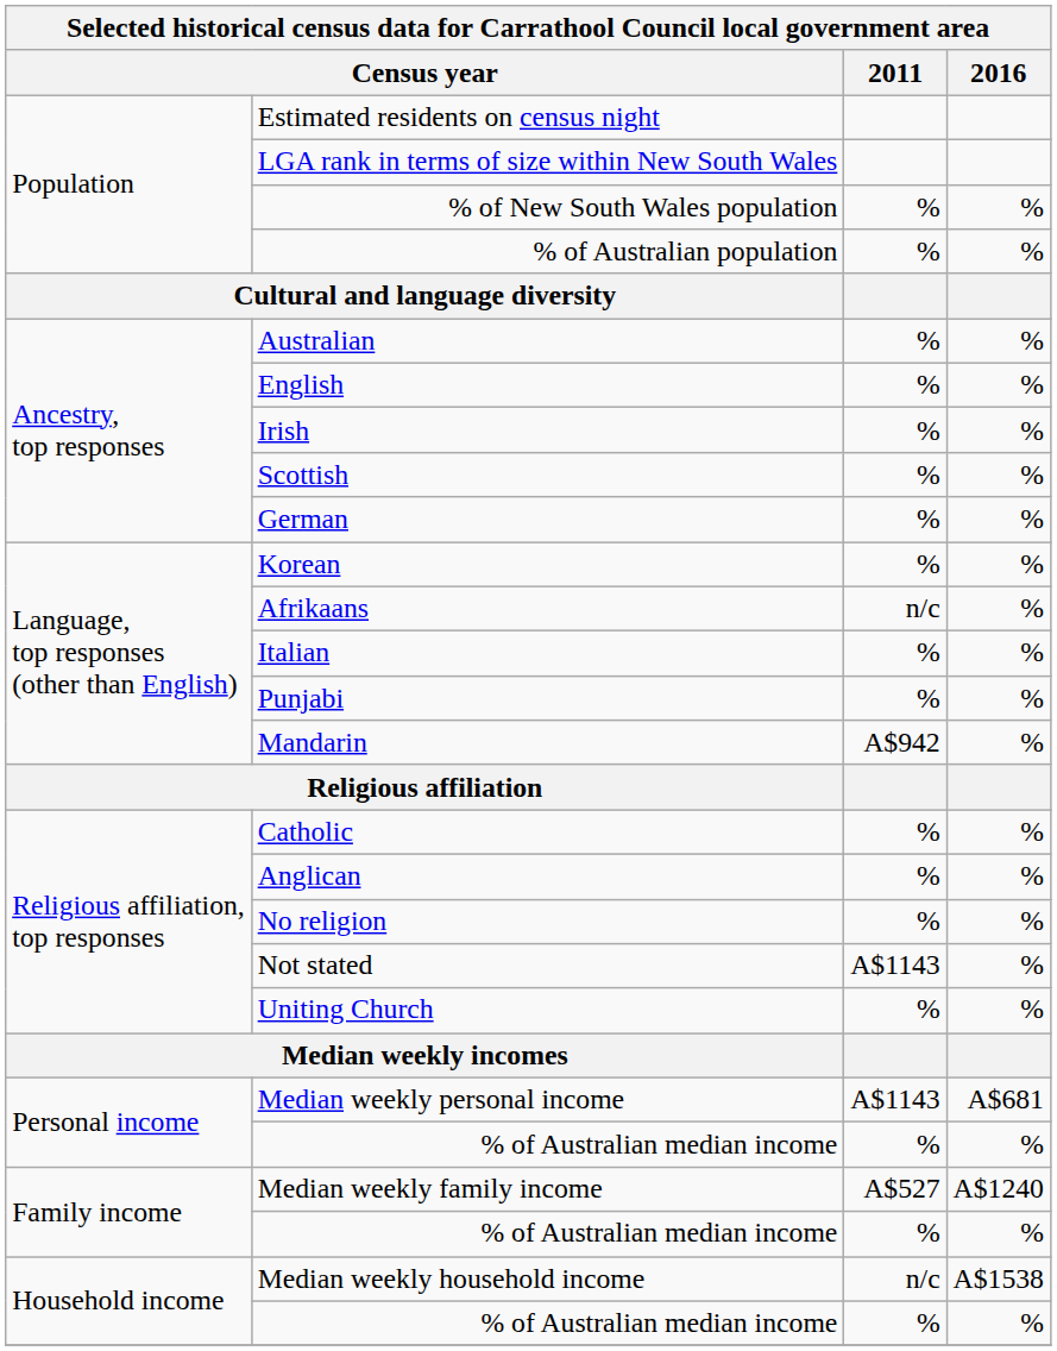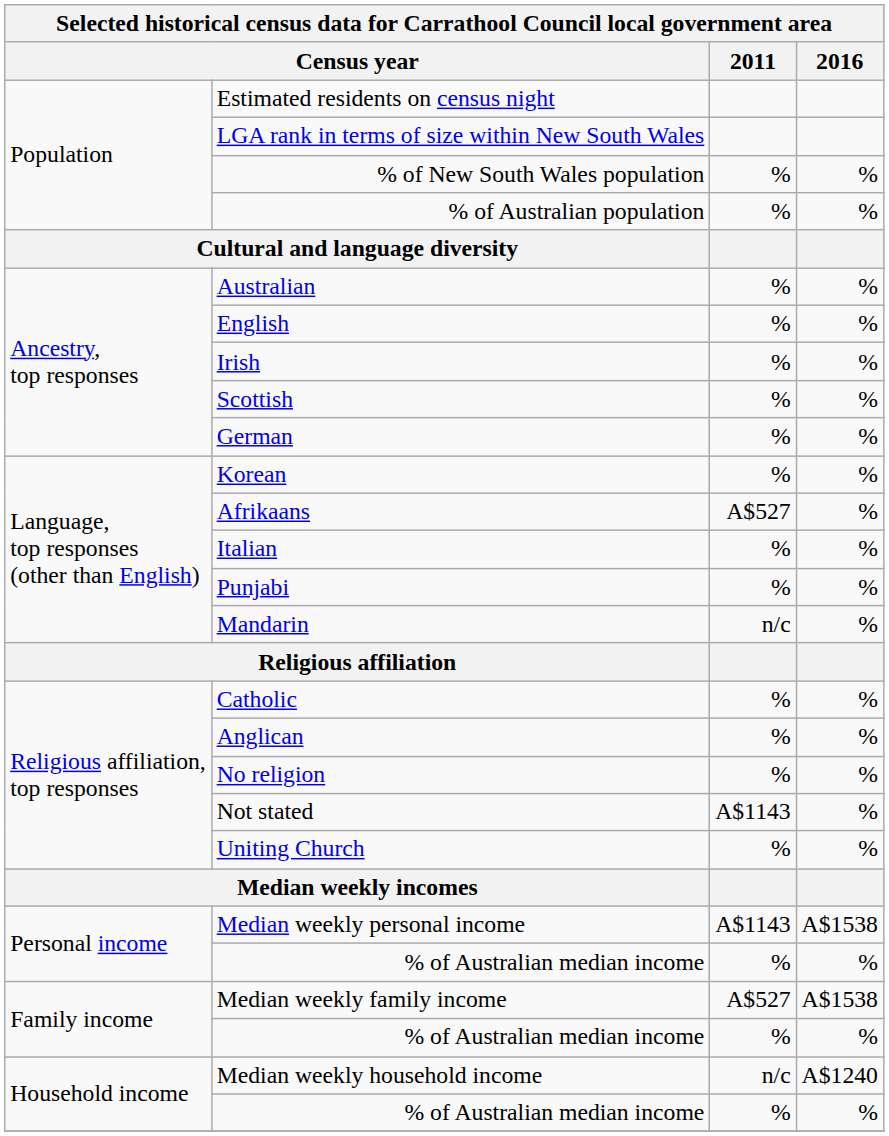 <table class="wikitable">
 <tr>
 <th colspan=7>Selected historical census data for Carrathool Council local government area</th>
 </tr>
 <tr>
 <th colspan=3>Census year</th>
 <th>2011</th>
 <th>2016</th>
 </tr>
 <tr>
 <td rowspan=4 colspan="2">Population</td>
 <td>Estimated residents on <a href='#'>census night</a></td>
 <td align="right"></td>
 <td align="right"> </td>
 </tr>
 <tr>
 <td align="right"><a href='#'>LGA rank in terms of size within New South Wales</a></td>
 <td align="right"></td>
 <td align="right"> </td>
 </tr>
 <tr>
 <td align="right">% of New South Wales population</td>
 <td align="right">%</td>
 <td align="right"> %</td>
 </tr>
 <tr>
 <td align="right">% of Australian population</td>
 <td align="right">%</td>
 <td align="right"> %</td>
 </tr>
 <tr>
 <th colspan=3>Cultural and language diversity</th>
 <th></th>
 <th></th>
 </tr>
 <tr>
 <td rowspan=5 colspan=2><a href='#'>Ancestry</a>,<br>top responses</td>
 <td><a href='#'>Australian</a></td>
 <td align="right">%</td>
 <td align="right"> %</td>
 </tr>
 <tr>
 <td><a href='#'>English</a></td>
 <td align="right">%</td>
 <td align="right"> %</td>
 </tr>
 <tr>
 <td><a href='#'>Irish</a></td>
 <td align="right">%</td>
 <td align="right"> %</td>
 </tr>
 <tr>
 <td><a href='#'>Scottish</a></td>
 <td align="right">%</td>
 <td align="right"> %</td>
 </tr>
 <tr>
 <td><a href='#'>German</a></td>
 <td align="right">%</td>
 <td align="right"> %</td>
 </tr>
 <tr>
 <td rowspan=5 colspan=2>Language,<br>top responses<br>(other than <a href='#'>English</a>)</td>
 <td><a href='#'>Korean</a></td>
 <td align="right">%</td>
 <td align="right"> %</td>
 </tr>
 <tr>
 <td><a href='#'>Afrikaans</a></td>
-<td align="right">n/c</td>
+<td align="right">A$527</td>
 <td align="right"> %</td>
 </tr>
 <tr>
 <td><a href='#'>Italian</a></td>
 <td align="right">%</td>
 <td align="right"> %</td>
 </tr>
 <tr>
 <td><a href='#'>Punjabi</a></td>
 <td align="right">%</td>
 <td align="right"> %</td>
 </tr>
 <tr>
 <td><a href='#'>Mandarin</a></td>
-<td align="right">A$942</td>
+<td align="right">n/c</td>
 <td align="right"> %</td>
 </tr>
 <tr>
 <th colspan=3>Religious affiliation</th>
 <th></th>
 <th></th>
 </tr>
 <tr>
 <td rowspan=5 colspan=2><a href='#'>Religious</a> affiliation,<br>top responses</td>
 <td><a href='#'>Catholic</a></td>
 <td align="right">%</td>
 <td align="right"> %</td>
 </tr>
 <tr>
 <td><a href='#'>Anglican</a></td>
 <td align="right">%</td>
 <td align="right"> %</td>
 </tr>
 <tr>
 <td><a href='#'>No religion</a></td>
 <td align="right">%</td>
 <td align="right"> %</td>
 </tr>
 <tr>
 <td>Not stated</td>
 <td align="right">A$1143</td>
 <td align="right"> %</td>
 </tr>
 <tr>
 <td><a href='#'>Uniting Church</a></td>
 <td align="right">%</td>
 <td align="right"> %</td>
 </tr>
 <tr>
 <th colspan=3>Median weekly incomes</th>
 <th></th>
 <th></th>
 </tr>
 <tr>
 <td rowspan=2 colspan=2>Personal <a href='#'>income</a></td>
 <td><a href='#'>Median</a> weekly personal income</td>
 <td align="right">A$1143</td>
-<td align="right">A$681</td>
+<td align="right">A$1538</td>
 </tr>
 <tr>
 <td align="right">% of Australian median income</td>
 <td align="right">%</td>
 <td align="right">%</td>
 </tr>
 <tr>
 <td rowspan=2 colspan=2>Family income</td>
 <td>Median weekly family income</td>
 <td align="right">A$527</td>
-<td align="right">A$1240</td>
+<td align="right">A$1538</td>
 </tr>
 <tr>
 <td align="right">% of Australian median income</td>
 <td align="right">%</td>
 <td align="right">%</td>
 </tr>
 <tr>
 <td rowspan=2 colspan=2>Household income</td>
 <td>Median weekly household income</td>
 <td align="right">n/c</td>
-<td align="right">A$1538</td>
+<td align="right">A$1240</td>
 </tr>
 <tr>
 <td align="right">% of Australian median income</td>
 <td align="right">%</td>
 <td align="right">%</td>
 </tr>
 <tr>
 </tr>
 </table>
